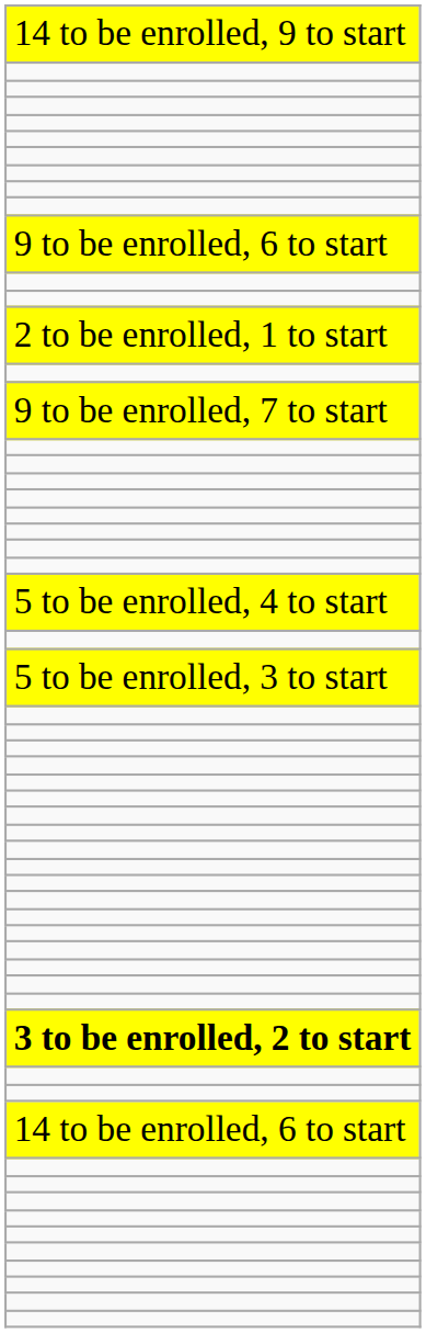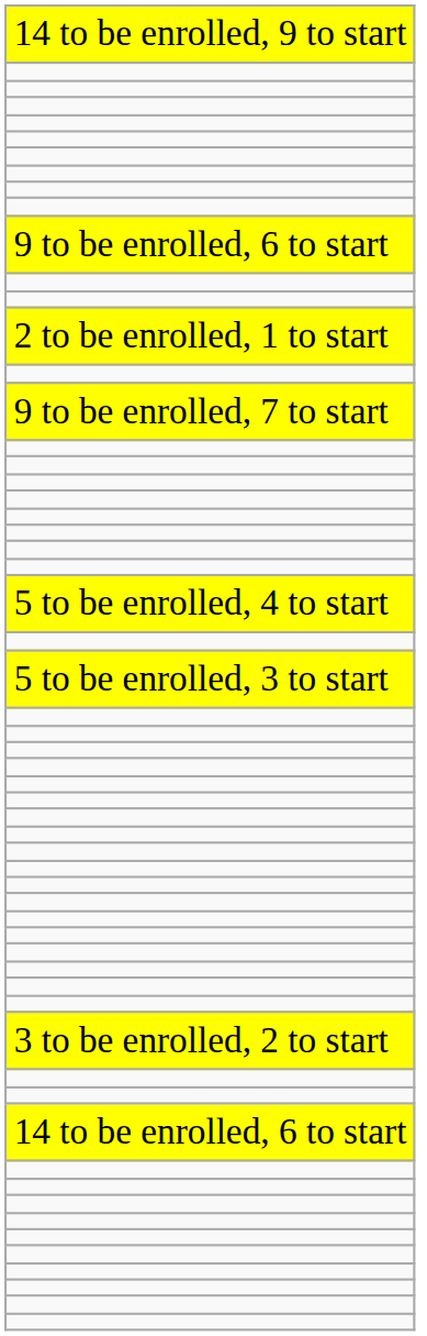 <table class="wikitable">
 <tr style="background:#ffff00;">
 <td>14 to be enrolled, 9 to start</td>
 </tr>
 <tr>
 <td></td>
 </tr>
 <tr>
 <td></td>
 </tr>
 <tr>
 <td></td>
 </tr>
 <tr>
 <td></td>
 </tr>
 <tr>
 <td></td>
 </tr>
 <tr>
 <td></td>
 </tr>
 <tr>
 <td></td>
 </tr>
 <tr>
 <td></td>
 </tr>
 <tr>
 <td></td>
 </tr>
 <tr style="background:#ffff00;">
 <td>9 to be enrolled, 6 to start</td>
 </tr>
 <tr>
 <td></td>
 </tr>
 <tr>
 <td></td>
 </tr>
 <tr style="background:#ffff00;">
 <td>2 to be enrolled, 1 to start</td>
 </tr>
 <tr>
 <td></td>
 </tr>
 <tr style="background:#ffff00;">
 <td>9 to be enrolled, 7 to start</td>
 </tr>
 <tr>
 <td></td>
 </tr>
 <tr>
 <td></td>
 </tr>
 <tr>
 <td></td>
 </tr>
 <tr>
 <td></td>
 </tr>
 <tr>
 <td></td>
 </tr>
 <tr>
 <td></td>
 </tr>
 <tr>
 <td></td>
 </tr>
 <tr>
 <td></td>
 </tr>
 <tr style="background:#ffff00;">
 <td>5 to be enrolled, 4 to start</td>
 </tr>
 <tr>
 <td></td>
 </tr>
 <tr style="background:#ffff00;">
 <td>5 to be enrolled, 3 to start</td>
 </tr>
 <tr>
 <td></td>
 </tr>
 <tr>
 <td></td>
 </tr>
 <tr>
 <td></td>
 </tr>
 <tr>
 <td></td>
 </tr>
 <tr>
 <td></td>
 </tr>
 <tr>
 <td></td>
 </tr>
 <tr>
 <td></td>
 </tr>
 <tr>
 <td></td>
 </tr>
 <tr>
 <td></td>
 </tr>
 <tr>
 <td></td>
 </tr>
 <tr>
 <td></td>
 </tr>
 <tr>
 <td></td>
 </tr>
 <tr>
 <td></td>
 </tr>
 <tr>
 <td></td>
 </tr>
 <tr>
 <td></td>
 </tr>
 <tr>
 <td></td>
 </tr>
 <tr>
 <td></td>
 </tr>
 <tr>
 <td></td>
 </tr>
 <tr style="background:#ffff00;">
-<td><strong>3 to be enrolled, 2 to start</strong></td>
+<td>3 to be enrolled, 2 to start</td>
 </tr>
 <tr>
 <td></td>
 </tr>
 <tr>
 <td></td>
 </tr>
 <tr style="background:#ffff00;">
 <td>14 to be enrolled, 6 to start</td>
 </tr>
 <tr>
 <td></td>
 </tr>
 <tr>
 <td></td>
 </tr>
 <tr>
 <td></td>
 </tr>
 <tr>
 <td></td>
 </tr>
 <tr>
 <td></td>
 </tr>
 <tr>
 <td></td>
 </tr>
 <tr>
 <td></td>
 </tr>
 <tr>
 <td></td>
 </tr>
 <tr>
 <td></td>
 </tr>
 <tr>
 <td></td>
 </tr>
 </table>
